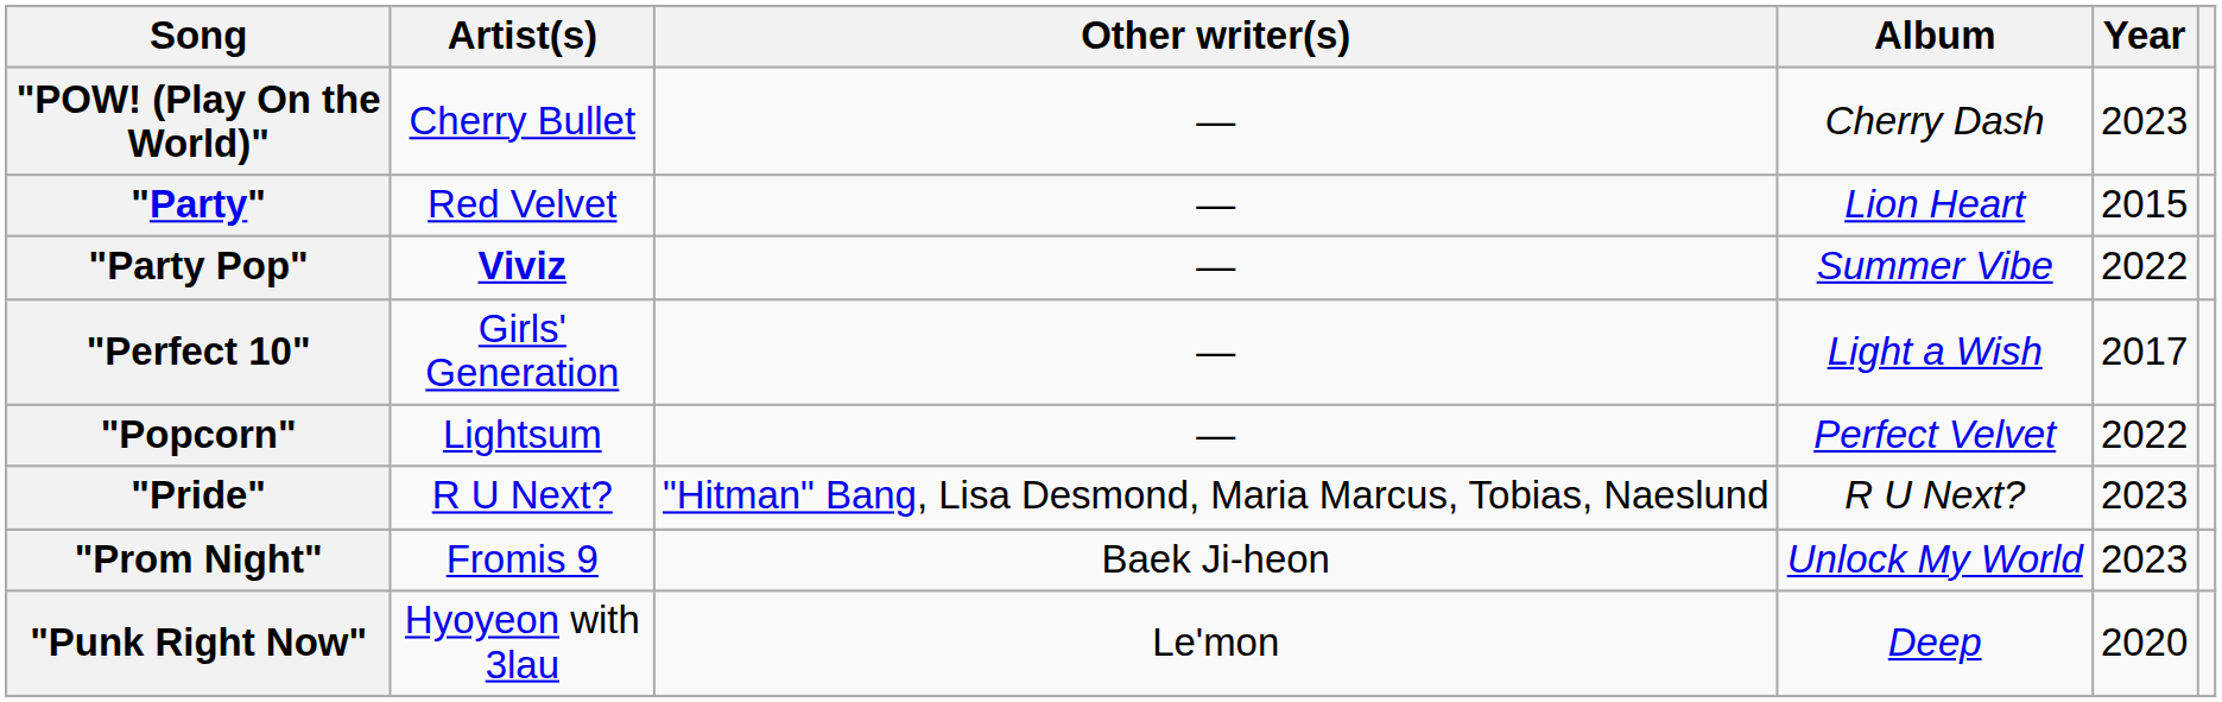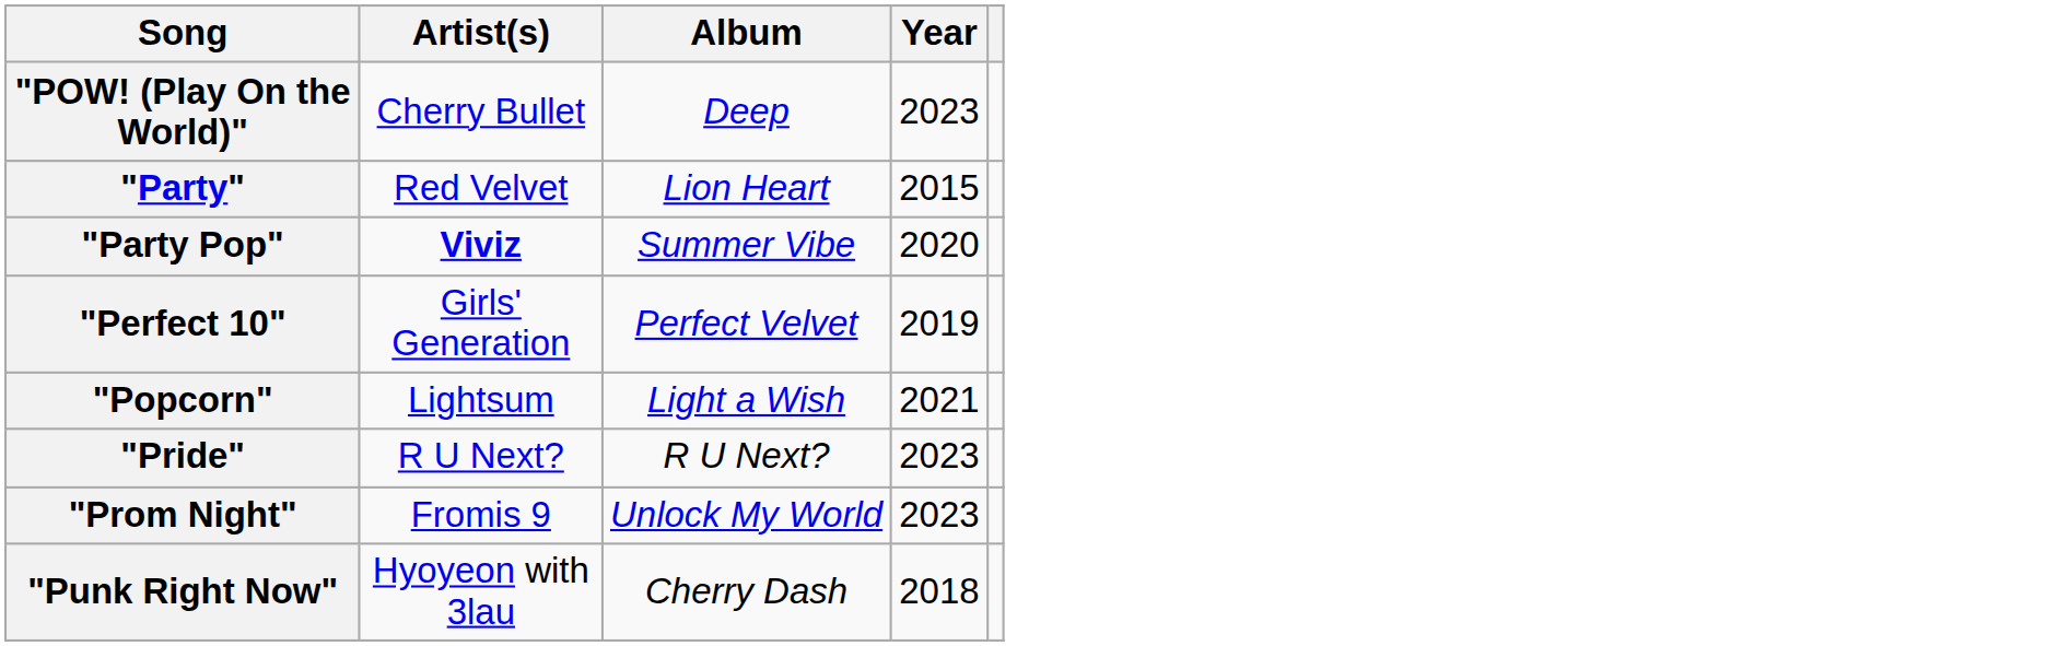 <table class="wikitable sortable plainrowheaders" style="text-align:center;">
 <tr>
 <th scope="col" width="150">Song</th>
 <th scope="col" width="100">Artist(s)</th>
-<th scope="col" class="unsortable">Other writer(s)</th>
 <th scope="col" data-sort-type="text">Album</th>
 <th scope="col">Year</th>
 <th scope="col" class="unsortable"></th>
 </tr>
 <tr>
 <th scope="row">"POW! (Play On the World)"</th>
 <td><a href='#'>Cherry Bullet</a></td>
-<td>—</td>
-<td><em>Cherry Dash</em></td>
+<td><em><a href='#'>Deep</a></em></td>
 <td>2023</td>
 <td style="text-align:center;"></td>
 </tr>
 <tr>
 <th scope="row">"<a href='#'>Party</a>"</th>
 <td><a href='#'>Red Velvet</a></td>
-<td>—</td>
 <td><em><a href='#'>Lion Heart</a></em></td>
 <td>2015</td>
 <td style="text-align:center;"></td>
 </tr>
 <tr>
 <th scope="row">"Party Pop"</th>
 <td><strong><a href='#'>Viviz</a></strong></td>
-<td>—</td>
 <td><em><a href='#'>Summer Vibe</a></em></td>
-<td>2022</td>
+<td>2020</td>
 <td style="text-align:center;"></td>
 </tr>
 <tr>
 <th scope="row">"Perfect 10"</th>
 <td><a href='#'>Girls' Generation</a></td>
-<td>—</td>
-<td><em><a href='#'>Light a Wish</a></em></td>
-<td>2017</td>
+<td><em><a href='#'>Perfect Velvet</a></em></td>
+<td>2019</td>
 <td style="text-align:center;"></td>
 </tr>
 <tr>
 <th scope="row">"Popcorn"</th>
 <td><a href='#'>Lightsum</a></td>
-<td>—</td>
-<td><em><a href='#'>Perfect Velvet</a></em></td>
-<td>2022</td>
+<td><em><a href='#'>Light a Wish</a></em></td>
+<td>2021</td>
 <td style="text-align:center;"></td>
 </tr>
 <tr>
 <th scope="row">"Pride"</th>
 <td><a href='#'>R U Next?</a></td>
-<td><a href='#'>"Hitman" Bang</a>, Lisa Desmond, Maria Marcus, Tobias, Naeslund</td>
 <td><em>R U Next?</em></td>
 <td>2023</td>
 <td style="text-align:center;"></td>
 </tr>
 <tr>
 <th scope="row">"Prom Night"</th>
 <td><a href='#'>Fromis 9</a></td>
-<td>Baek Ji-heon</td>
 <td><em><a href='#'>Unlock My World</a></em></td>
 <td>2023</td>
 <td style="text-align:center;"></td>
 </tr>
 <tr>
 <th scope="row">"Punk Right Now"</th>
 <td><a href='#'>Hyoyeon</a> with <a href='#'>3lau</a></td>
-<td>Le'mon</td>
-<td><em><a href='#'>Deep</a></em></td>
-<td>2020</td>
+<td><em>Cherry Dash</em></td>
+<td>2018</td>
 <td style="text-align:center;"></td>
 </tr>
 </table>
